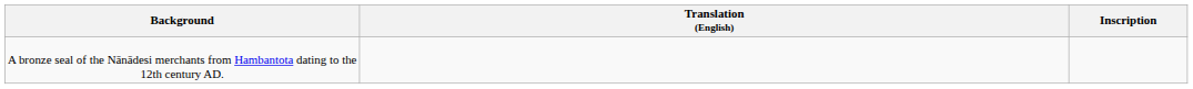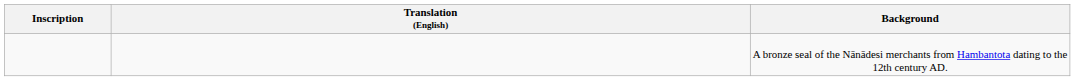 <table class="wikitable centre">
 <tr>
+<th>Inscription<br></th>
+<th>Translation<br><small>(English)</small></th>
 <th scope="col" align=left>Background<br></th>
-<th>Translation<br><small>(English)</small></th>
-<th>Inscription<br></th>
 </tr>
 <tr>
+<td align=center width="10%"><br> </td>
+<td align=left><br></td>
 <td align=center width="30%"><br>A bronze seal of the Nānādesi merchants from <a href='#'>Hambantota</a> dating to the 12th century AD.</td>
-<td align=left><br></td>
-<td align=center width="10%"><br> </td>
 </tr>
 </table>
